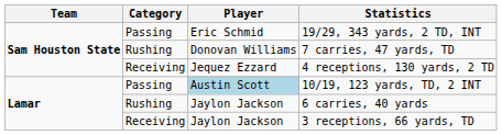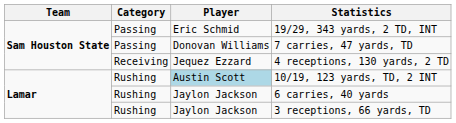 <table class="wikitable" style="float: left;">
 <tr>
 <th>Team</th>
 <th>Category</th>
 <th>Player</th>
 <th>Statistics</th>
 </tr>
 <tr>
 <td rowspan=3><strong>Sam Houston State</strong></td>
 <td>Passing</td>
 <td>Eric Schmid</td>
 <td>19/29, 343 yards, 2 TD, INT</td>
 </tr>
 <tr>
-<td>Rushing</td>
+<td>Passing</td>
 <td>Donovan Williams</td>
 <td>7 carries, 47 yards, TD</td>
 </tr>
 <tr>
 <td>Receiving</td>
 <td>Jequez Ezzard</td>
 <td>4 receptions, 130 yards, 2 TD</td>
 </tr>
 <tr>
 <td rowspan=3><strong>Lamar</strong></td>
-<td>Passing</td>
+<td>Rushing</td>
 <td style="background: lightblue;">Austin Scott</td>
 <td>10/19, 123 yards, TD, 2 INT</td>
 </tr>
 <tr>
 <td>Rushing</td>
 <td>Jaylon Jackson</td>
 <td>6 carries, 40 yards</td>
 </tr>
 <tr>
-<td>Receiving</td>
+<td>Rushing</td>
 <td>Jaylon Jackson</td>
 <td>3 receptions, 66 yards, TD</td>
 </tr>
 </table>
